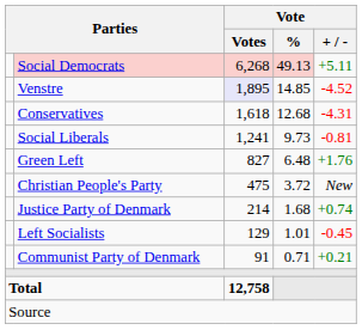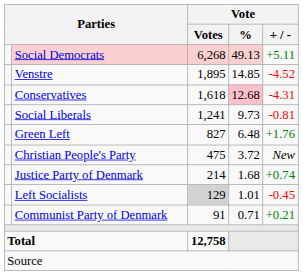 <table class="wikitable" style="text-align:right;">
 <tr>
 <th style="text-align:centre;" rowspan="2" colspan="2" width="225">Parties</th>
 <th colspan="3">Vote</th>
 </tr>
 <tr>
 <th width="15">Votes</th>
 <th width="15">%</th>
 <th width="15">+ / -</th>
 </tr>
 <tr>
 <td width="2" style="color:inherit;background:"></td>
 <td bgcolor=#fbd0ce  align="left"><a href='#'>Social Democrats</a></td>
 <td bgcolor=#fbd0ce>6,268</td>
 <td bgcolor=#fbd0ce>49.13</td>
 <td style=color:green;>+5.11</td>
 </tr>
 <tr>
 <td width="2" style="color:inherit;background:"></td>
 <td align="left"><a href='#'>Venstre</a></td>
-<td style="background: lavender;">1,895</td>
+<td>1,895</td>
 <td>14.85</td>
 <td style=color:red;>-4.52</td>
 </tr>
 <tr>
 <td width="2" style="color:inherit;background:"></td>
 <td align="left"><a href='#'>Conservatives</a></td>
 <td>1,618</td>
-<td>12.68</td>
+<td style="background: pink;">12.68</td>
 <td style=color:red;>-4.31</td>
 </tr>
 <tr>
 <td width="2" style="color:inherit;background:"></td>
 <td align="left"><a href='#'>Social Liberals</a></td>
 <td>1,241</td>
 <td>9.73</td>
 <td style=color:red;>-0.81</td>
 </tr>
 <tr>
 <td width="2" style="color:inherit;background:"></td>
 <td align="left"><a href='#'>Green Left</a></td>
 <td>827</td>
 <td>6.48</td>
 <td style=color:green;>+1.76</td>
 </tr>
 <tr>
 <td width="2" style="color:inherit;background:"></td>
 <td align="left"><a href='#'>Christian People's Party</a></td>
 <td>475</td>
 <td>3.72</td>
 <td><em>New</em></td>
 </tr>
 <tr>
 <td width="2" style="color:inherit;background:"></td>
 <td align="left"><a href='#'>Justice Party of Denmark</a></td>
 <td>214</td>
 <td>1.68</td>
 <td style=color:green;>+0.74</td>
 </tr>
 <tr>
 <td width="2" style="color:inherit;background:"></td>
 <td align="left"><a href='#'>Left Socialists</a></td>
-<td>129</td>
+<td style="background: lightgrey;">129</td>
 <td>1.01</td>
 <td style=color:red;>-0.45</td>
 </tr>
 <tr>
 <td width="2" style="color:inherit;background:"></td>
 <td align="left"><a href='#'>Communist Party of Denmark</a></td>
 <td>91</td>
 <td>0.71</td>
 <td style=color:green;>+0.21</td>
 </tr>
 <tr>
 <td colspan="7" bgcolor="#E9E9E9"></td>
 </tr>
 <tr>
 <td align="left" colspan="2"><strong>Total</strong></td>
 <td><strong>12,758</strong></td>
 <td bgcolor="#E9E9E9" colspan="2"></td>
 </tr>
 <tr>
 <td align="left" colspan="6">Source</td>
 </tr>
 </table>
